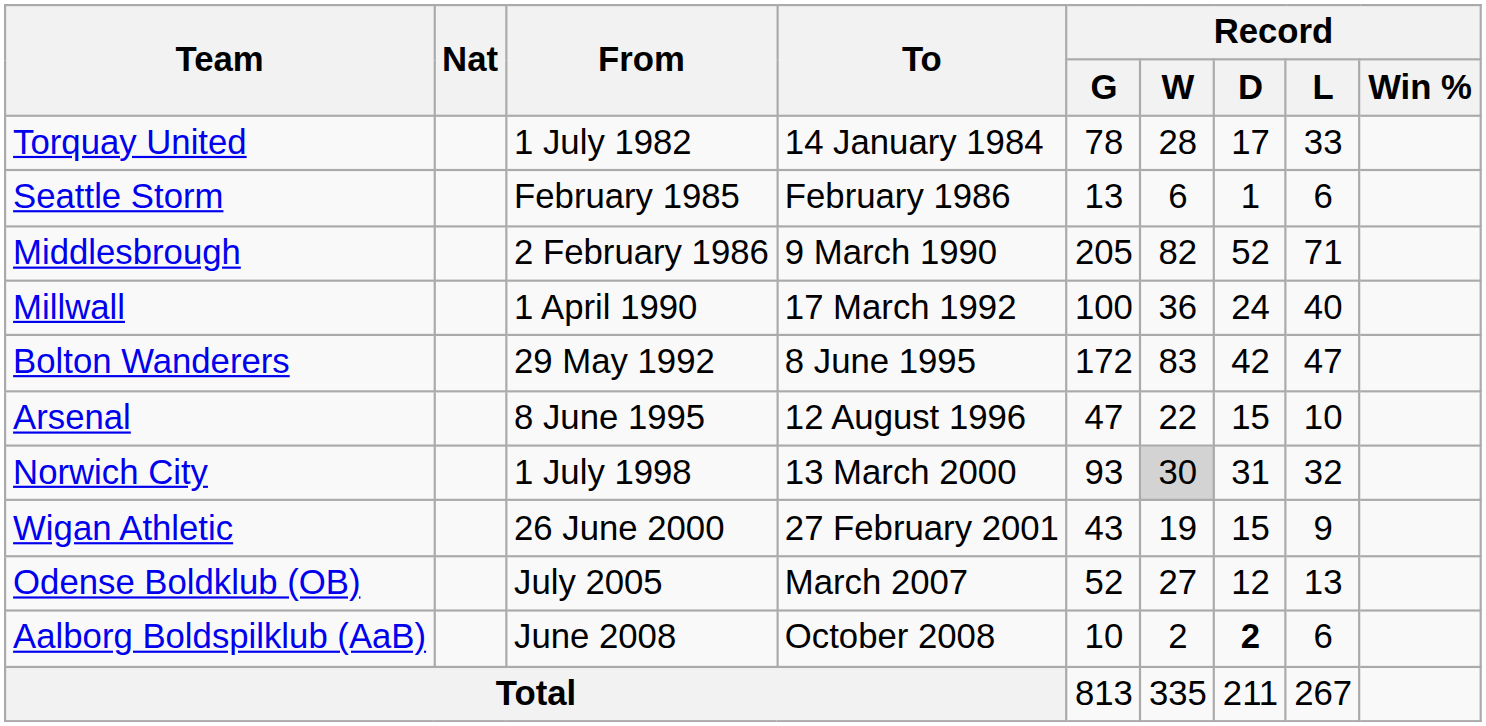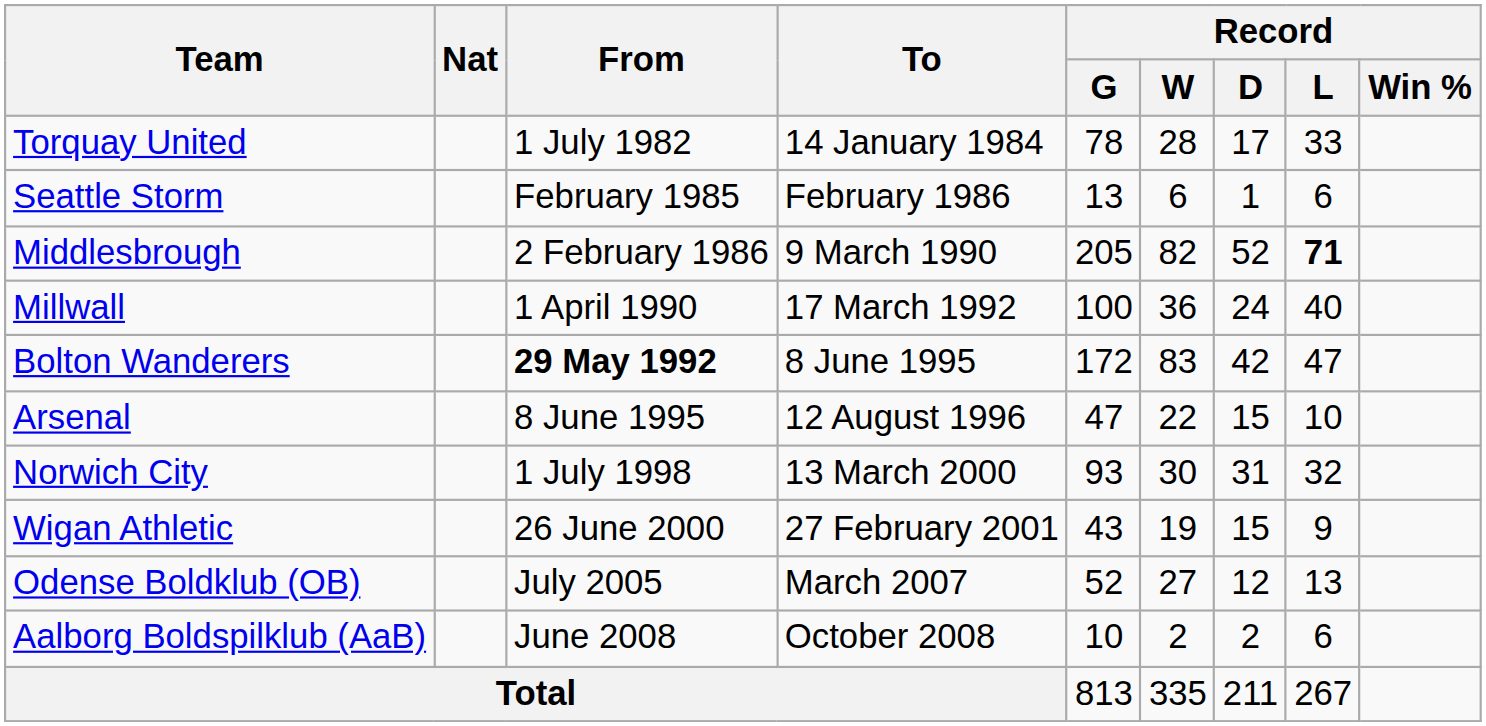 <table class="wikitable" style="text-align: center">
 <tr>
 <th rowspan="2">Team</th>
 <th rowspan="2">Nat</th>
 <th rowspan="2">From</th>
 <th rowspan="2">To</th>
 <th colspan="5">Record</th>
 </tr>
 <tr>
 <th>G</th>
 <th>W</th>
 <th>D</th>
 <th>L</th>
 <th>Win %</th>
 </tr>
 <tr>
 <td align=left><a href='#'>Torquay United</a></td>
 <td></td>
 <td align=left>1 July 1982</td>
 <td align=left>14 January 1984</td>
 <td>78</td>
 <td>28</td>
 <td>17</td>
 <td>33</td>
 <td></td>
 </tr>
 <tr>
 <td align=left><a href='#'>Seattle Storm</a></td>
 <td></td>
 <td align=left>February 1985</td>
 <td align=left>February 1986</td>
 <td>13</td>
 <td>6</td>
 <td>1</td>
 <td>6</td>
 <td></td>
 </tr>
 <tr>
 <td align=left><a href='#'>Middlesbrough</a></td>
 <td></td>
 <td align=left>2 February 1986</td>
 <td align=left>9 March 1990</td>
 <td>205</td>
 <td>82</td>
 <td>52</td>
-<td>71</td>
+<td><strong>71</strong></td>
 <td></td>
 </tr>
 <tr>
 <td align=left><a href='#'>Millwall</a></td>
 <td></td>
 <td align=left>1 April 1990</td>
 <td align=left>17 March 1992</td>
 <td>100</td>
 <td>36</td>
 <td>24</td>
 <td>40</td>
 <td></td>
 </tr>
 <tr>
 <td align=left><a href='#'>Bolton Wanderers</a></td>
 <td></td>
-<td align=left>29 May 1992</td>
+<td align=left><strong>29 May 1992</strong></td>
 <td align=left>8 June 1995</td>
 <td>172</td>
 <td>83</td>
 <td>42</td>
 <td>47</td>
 <td></td>
 </tr>
 <tr>
 <td align=left><a href='#'>Arsenal</a></td>
 <td></td>
 <td align=left>8 June 1995</td>
 <td align=left>12 August 1996</td>
 <td>47</td>
 <td>22</td>
 <td>15</td>
 <td>10</td>
 <td></td>
 </tr>
 <tr>
 <td align=left><a href='#'>Norwich City</a></td>
 <td></td>
 <td align=left>1 July 1998</td>
 <td align=left>13 March 2000</td>
 <td>93</td>
-<td style="background: lightgrey;">30</td>
+<td>30</td>
 <td>31</td>
 <td>32</td>
 <td></td>
 </tr>
 <tr>
 <td align=left><a href='#'>Wigan Athletic</a></td>
 <td></td>
 <td align=left>26 June 2000</td>
 <td align=left>27 February 2001</td>
 <td>43</td>
 <td>19</td>
 <td>15</td>
 <td>9</td>
 <td></td>
 </tr>
 <tr>
 <td align=left><a href='#'>Odense Boldklub (OB)</a></td>
 <td></td>
 <td align=left>July 2005</td>
 <td align=left>March 2007</td>
 <td>52</td>
 <td>27</td>
 <td>12</td>
 <td>13</td>
 <td></td>
 </tr>
 <tr>
 <td align=left><a href='#'>Aalborg Boldspilklub (AaB)</a></td>
 <td></td>
 <td align=left>June 2008</td>
 <td align=left>October 2008</td>
 <td>10</td>
 <td>2</td>
-<td><strong>2</strong></td>
+<td>2</td>
 <td>6</td>
 <td></td>
 </tr>
 <tr>
 <th colspan=4>Total</th>
 <td>813</td>
 <td>335</td>
 <td>211</td>
 <td>267</td>
 <td></td>
 </tr>
 </table>
